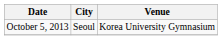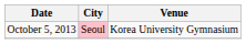 <table class="wikitable" style="text-align:center;">
 <tr>
 <th>Date</th>
 <th>City</th>
 <th>Venue</th>
 </tr>
 <tr>
 <td>October 5, 2013</td>
-<td>Seoul</td>
+<td style="background: pink;">Seoul</td>
 <td>Korea University Gymnasium</td>
 </tr>
 <tr>
 </tr>
 </table>
